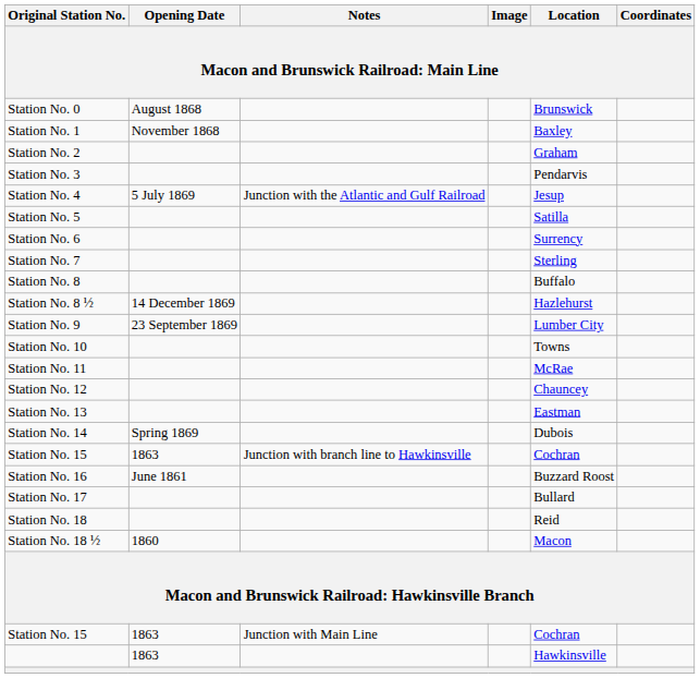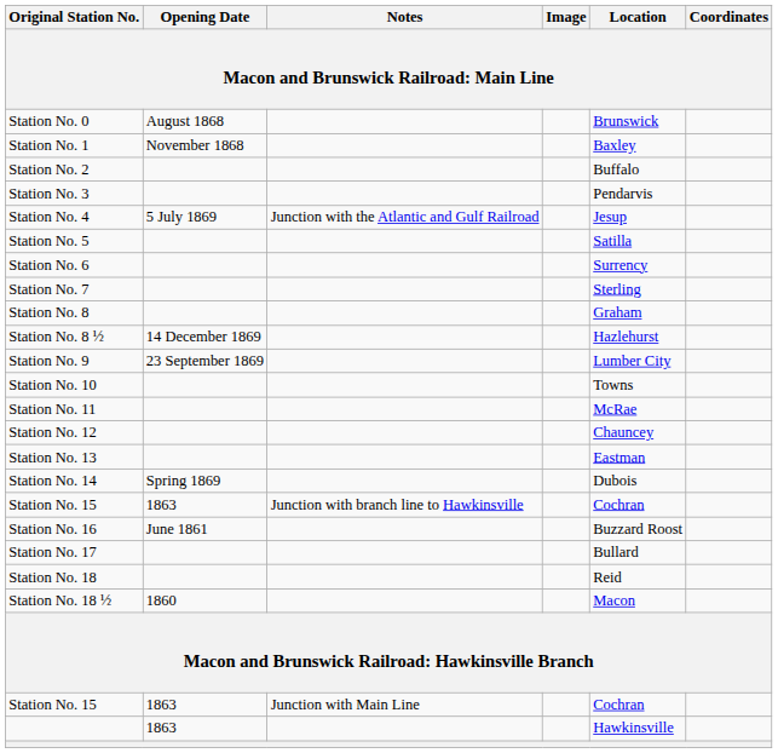 <table class=wikitable>
 <tr>
 <th>Original Station No.</th>
 <th>Opening Date</th>
 <th>Notes</th>
 <th>Image</th>
 <th>Location</th>
 <th>Coordinates</th>
 </tr>
 <tr>
 <th colspan=6><br><h3>Macon and Brunswick Railroad: Main Line</h3></th>
 </tr>
 <tr>
 <td>Station No. 0</td>
 <td>August 1868</td>
 <td></td>
 <td></td>
 <td><a href='#'>Brunswick</a></td>
 <td></td>
 </tr>
 <tr>
 <td>Station No. 1</td>
 <td>November 1868</td>
 <td></td>
 <td></td>
 <td><a href='#'>Baxley</a></td>
 <td></td>
 </tr>
 <tr>
 <td>Station No. 2</td>
 <td></td>
 <td></td>
 <td></td>
-<td><a href='#'>Graham</a></td>
+<td>Buffalo</td>
 <td></td>
 </tr>
 <tr>
 <td>Station No. 3</td>
 <td></td>
 <td></td>
 <td></td>
 <td>Pendarvis</td>
 <td></td>
 </tr>
 <tr>
 <td>Station No. 4</td>
 <td>5 July 1869</td>
 <td>Junction with the <a href='#'>Atlantic and Gulf Railroad</a></td>
 <td></td>
 <td><a href='#'>Jesup</a></td>
 <td></td>
 </tr>
 <tr>
 <td>Station No. 5</td>
 <td></td>
 <td></td>
 <td></td>
 <td><a href='#'>Satilla</a></td>
 <td></td>
 </tr>
 <tr>
 <td>Station No. 6</td>
 <td></td>
 <td></td>
 <td></td>
 <td><a href='#'>Surrency</a></td>
 <td></td>
 </tr>
 <tr>
 <td>Station No. 7</td>
 <td></td>
 <td></td>
 <td></td>
 <td><a href='#'>Sterling</a></td>
 <td></td>
 </tr>
 <tr>
 <td>Station No. 8</td>
 <td></td>
 <td></td>
 <td></td>
-<td>Buffalo</td>
+<td><a href='#'>Graham</a></td>
 <td></td>
 </tr>
 <tr>
 <td>Station No. 8 ½</td>
 <td>14 December 1869</td>
 <td></td>
 <td></td>
 <td><a href='#'>Hazlehurst</a></td>
 <td></td>
 </tr>
 <tr>
 <td>Station No. 9</td>
 <td>23 September 1869</td>
 <td></td>
 <td></td>
 <td><a href='#'>Lumber City</a></td>
 <td></td>
 </tr>
 <tr>
 <td>Station No. 10</td>
 <td></td>
 <td></td>
 <td></td>
 <td>Towns</td>
 <td></td>
 </tr>
 <tr>
 <td>Station No. 11</td>
 <td></td>
 <td></td>
 <td></td>
 <td><a href='#'>McRae</a></td>
 <td></td>
 </tr>
 <tr>
 <td>Station No. 12</td>
 <td></td>
 <td></td>
 <td></td>
 <td><a href='#'>Chauncey</a></td>
 <td></td>
 </tr>
 <tr>
 <td>Station No. 13</td>
 <td></td>
 <td></td>
 <td></td>
 <td><a href='#'>Eastman</a></td>
 <td></td>
 </tr>
 <tr>
 <td>Station No. 14</td>
 <td>Spring 1869</td>
 <td></td>
 <td></td>
 <td>Dubois</td>
 <td></td>
 </tr>
 <tr>
 <td>Station No. 15</td>
 <td>1863</td>
 <td>Junction with branch line to <a href='#'>Hawkinsville</a></td>
 <td></td>
 <td><a href='#'>Cochran</a></td>
 <td></td>
 </tr>
 <tr>
 <td>Station No. 16</td>
 <td>June 1861</td>
 <td></td>
 <td></td>
 <td>Buzzard Roost</td>
 <td></td>
 </tr>
 <tr>
 <td>Station No. 17</td>
 <td></td>
 <td></td>
 <td></td>
 <td>Bullard</td>
 <td></td>
 </tr>
 <tr>
 <td>Station No. 18</td>
 <td></td>
 <td></td>
 <td></td>
 <td>Reid</td>
 <td></td>
 </tr>
 <tr>
 <td>Station No. 18 ½</td>
 <td>1860</td>
 <td></td>
 <td></td>
 <td><a href='#'>Macon</a></td>
 <td></td>
 </tr>
 <tr>
 <th colspan=6><br><h3>Macon and Brunswick Railroad: Hawkinsville Branch</h3></th>
 </tr>
 <tr>
 <td>Station No. 15</td>
 <td>1863</td>
 <td>Junction with Main Line</td>
 <td></td>
 <td><a href='#'>Cochran</a></td>
 <td></td>
 </tr>
 <tr>
 <td></td>
 <td>1863</td>
 <td></td>
 <td></td>
 <td><a href='#'>Hawkinsville</a></td>
 <td></td>
 </tr>
 <tr>
 <th colspan=6></th>
 </tr>
 </table>
